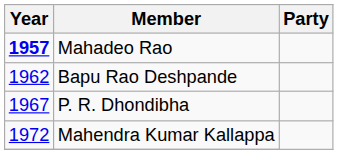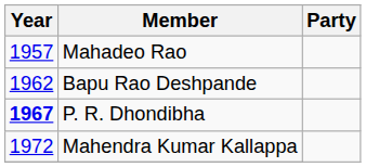 <table class="wikitable sortable">
 <tr>
 <th>Year</th>
 <th>Member</th>
 <th colspan="2">Party</th>
 </tr>
 <tr>
-<td><strong><a href='#'>1957</a></strong></td>
+<td><a href='#'>1957</a></td>
 <td>Mahadeo Rao</td>
 <td></td>
 </tr>
 <tr>
 <td><a href='#'>1962</a></td>
 <td>Bapu Rao Deshpande</td>
 <td></td>
 </tr>
 <tr>
-<td><a href='#'>1967</a></td>
+<td><strong><a href='#'>1967</a></strong></td>
 <td>P. R. Dhondibha</td>
 <td></td>
 </tr>
 <tr>
 <td><a href='#'>1972</a></td>
 <td>Mahendra Kumar Kallappa</td>
 </tr>
 <tr>
 </tr>
 </table>
